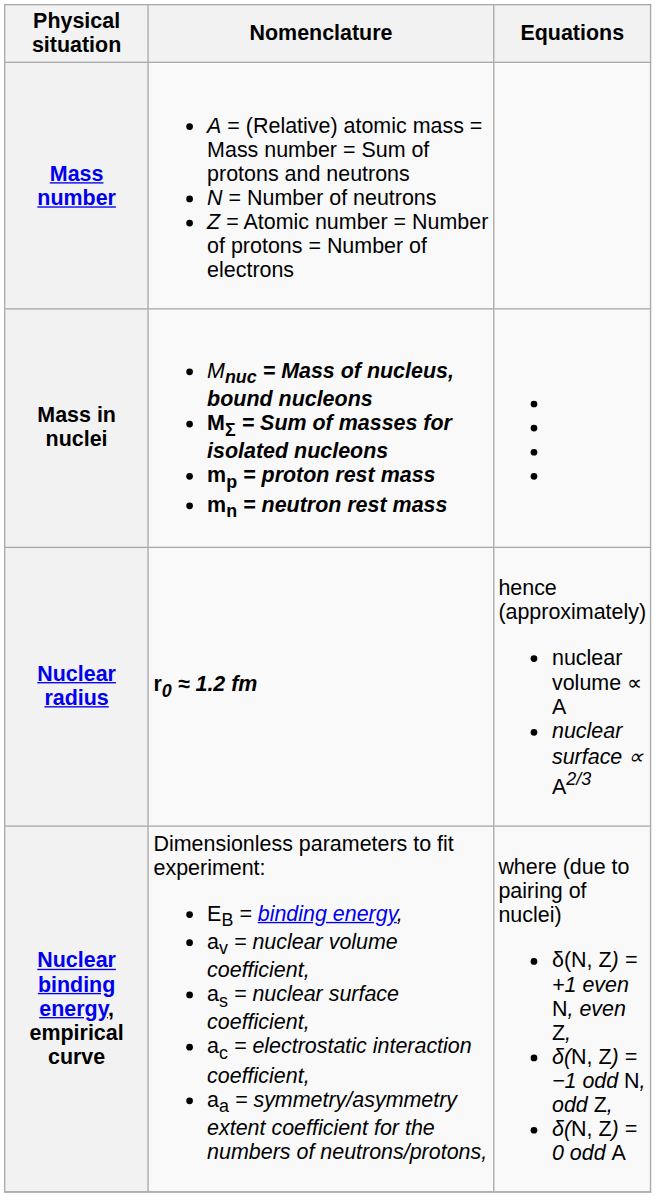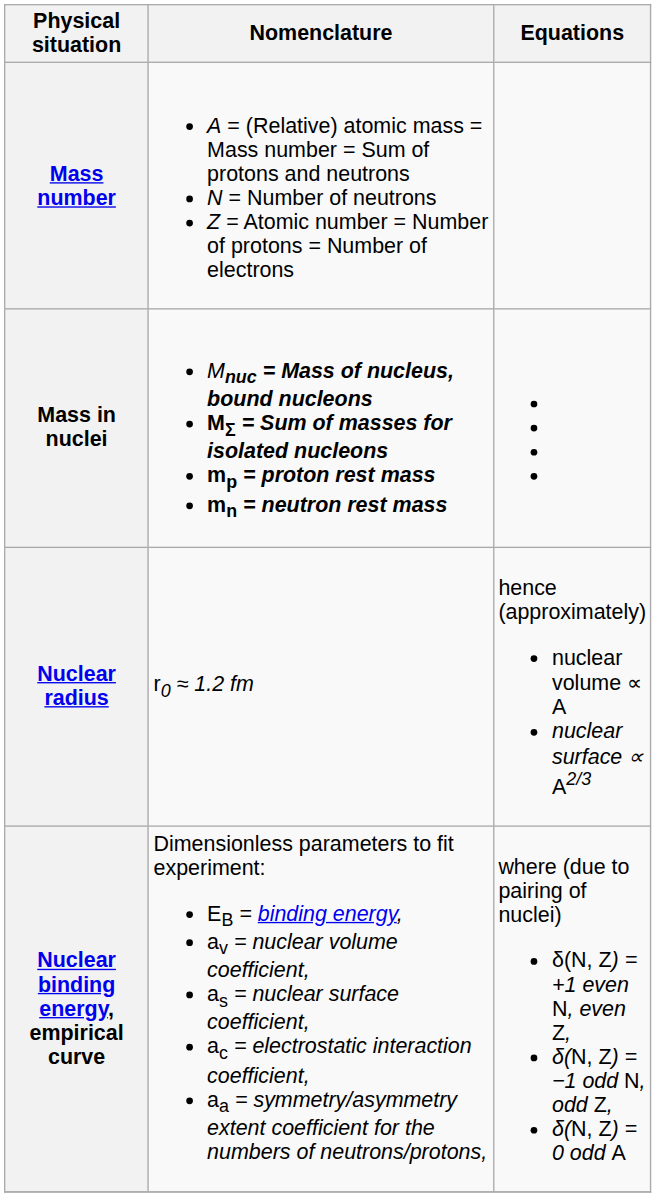 <table class="wikitable">
 <tr>
 <th scope="col" width="100">Physical situation</th>
 <th scope="col" width="250">Nomenclature</th>
 <th scope="col" width="10">Equations</th>
 </tr>
 <tr>
 <th><a href='#'>Mass number</a></th>
 <td><br><ul><li><em>A</em> = (Relative) atomic mass = Mass number = Sum of protons and neutrons</li><li><em>N</em> = Number of neutrons</li><li><em>Z</em> = Atomic number = Number of protons = Number of electrons</li></ul></td>
 <td></td>
 </tr>
 <tr>
 <th>Mass in nuclei</th>
 <td><br><ul><li><em>M<strong><sub>nuc</sub> = Mass of nucleus, bound nucleons</li><li></em>M<sub>Σ</sub><em> = Sum of masses for isolated nucleons</li><li></em>m<sub>p</sub><em> = proton rest mass</li><li></em>m<sub>n</sub><em> = neutron rest mass</li></ul></td>
 <td><br><ul><li></li><li></li><li></li><li></li></ul></td>
 </tr>
 <tr>
 <th><a href='#'>Nuclear radius</a></th>
-<td><strong></em>r<em><sub>0</sub> ≈ 1.2 fm</strong></td>
+<td></em>r<em><sub>0</sub> ≈ 1.2 fm</td>
 <td><br>hence (approximately) <ul><li>nuclear volume ∝ </em>A<em></li><li>nuclear surface ∝ </em>A<em><sup>2/3</sup></li></ul></td>
 </tr>
 <tr>
 <th><a href='#'>Nuclear binding energy</a>, empirical curve</th>
 <td>Dimensionless parameters to fit experiment:<br><ul><li></em>E<sub>B</sub><em> = <a href='#'>binding energy</a>,</li><li></em>a<sub>v</sub><em> = nuclear volume coefficient,</li><li></em>a<sub>s</sub><em> = nuclear surface coefficient,</li><li></em>a<sub>c</sub><em> = electrostatic interaction coefficient,</li><li></em>a<sub>a</sub><em> = symmetry/asymmetry extent coefficient for the numbers of neutrons/protons,</li></ul></td>
 <td><br>where (due to pairing of nuclei) <ul><li>δ(</em>N, Z<em>) = +1 even </em>N<em>, even </em>Z<em>,</li><li>δ(</em>N, Z<em>) = −1 odd </em>N<em>, odd </em>Z<em>,</li><li>δ(</em>N, Z<em>) = 0 odd </em>A<em></li></ul></td>
 </tr>
 <tr>
 </tr>
 </table>
